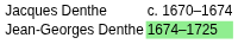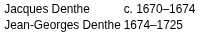 <table>
 <tr>
 <td>Jacques Denthe</td>
 <td>c. 1670–1674</td>
 </tr>
 <tr>
 <td>Jean-Georges Denthe</td>
-<td style="background: lightgreen;">1674–1725</td>
+<td>1674–1725</td>
 </tr>
 </table>
